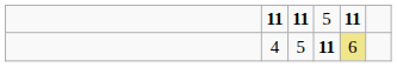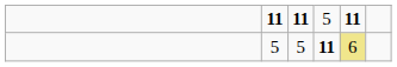 <table class="wikitable">
 <tr>
 <td style="width:14em"></td>
 <td align=center style="width:1em"><strong>11</strong></td>
 <td align=center style="width:1em"><strong>11</strong></td>
 <td align=center style="width:1em">5</td>
 <td align=center style="width:1em"><strong>11</strong></td>
 <td align=center style="width:1em"></td>
 </tr>
 <tr>
 <td style="width:14em"></td>
-<td align=center style="width:1em">4</td>
+<td align=center style="width:1em">5</td>
 <td align=center style="width:1em">5</td>
 <td align=center style="width:1em"><strong>11</strong></td>
 <td align=center style="background: khaki; width:1em">6</td>
 <td align=center style="width:1em"></td>
 </tr>
 </table>
